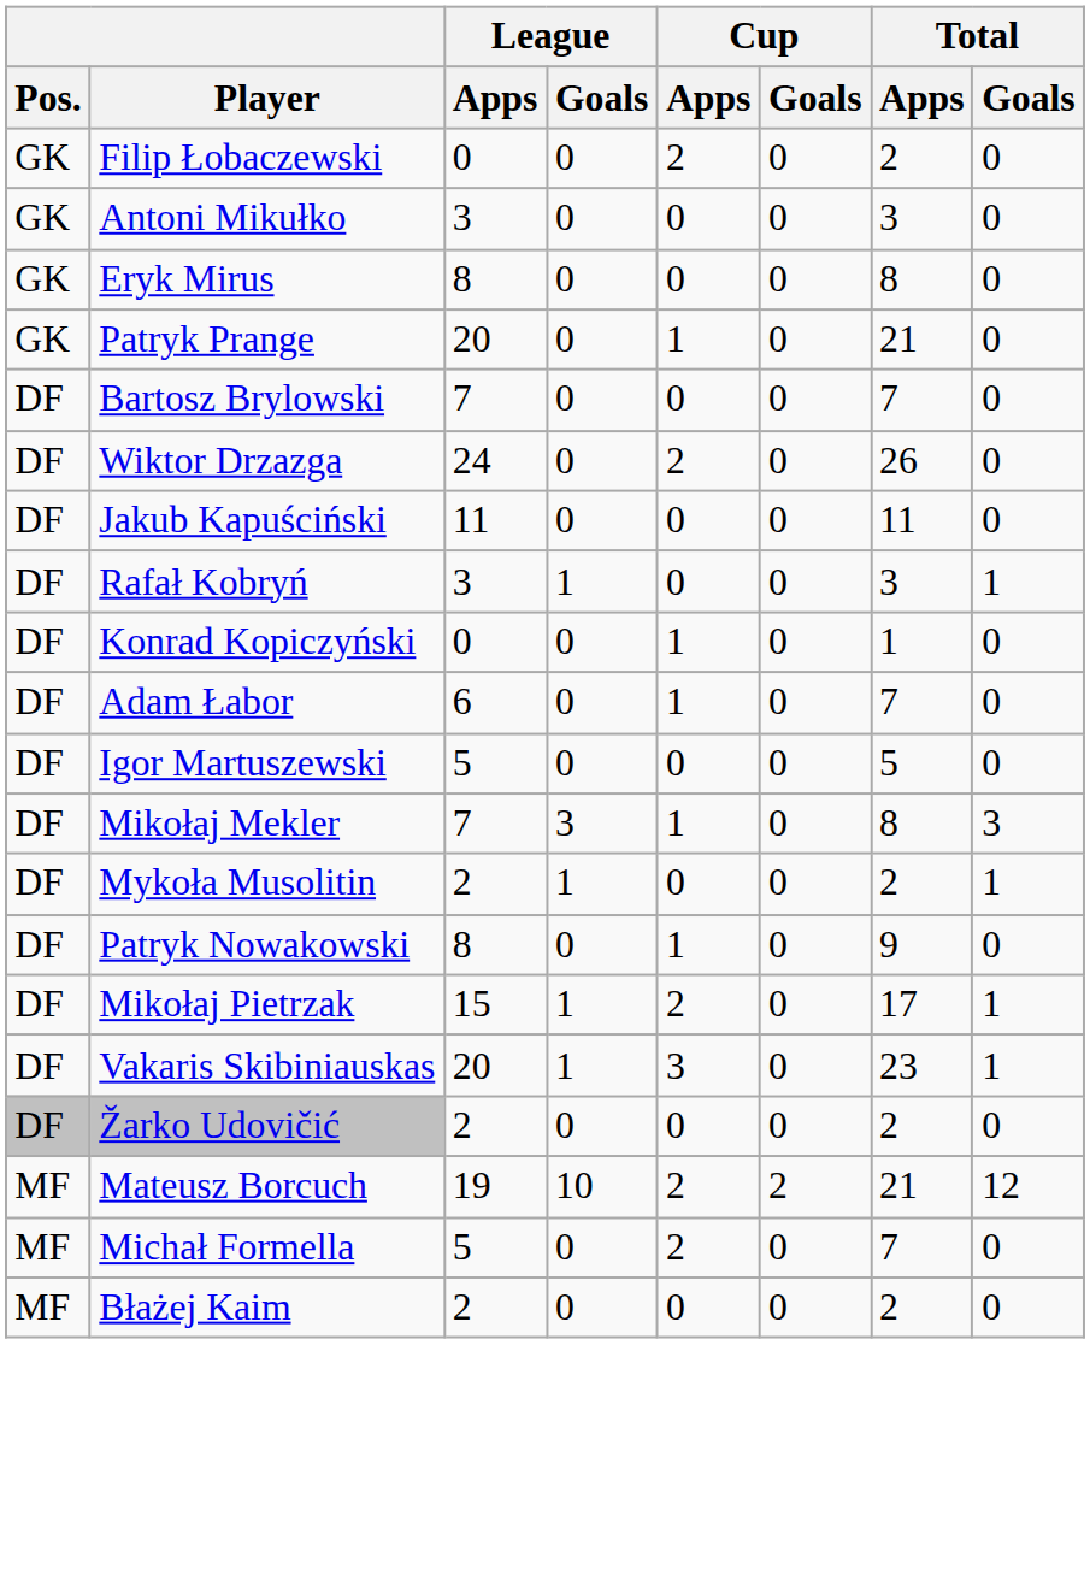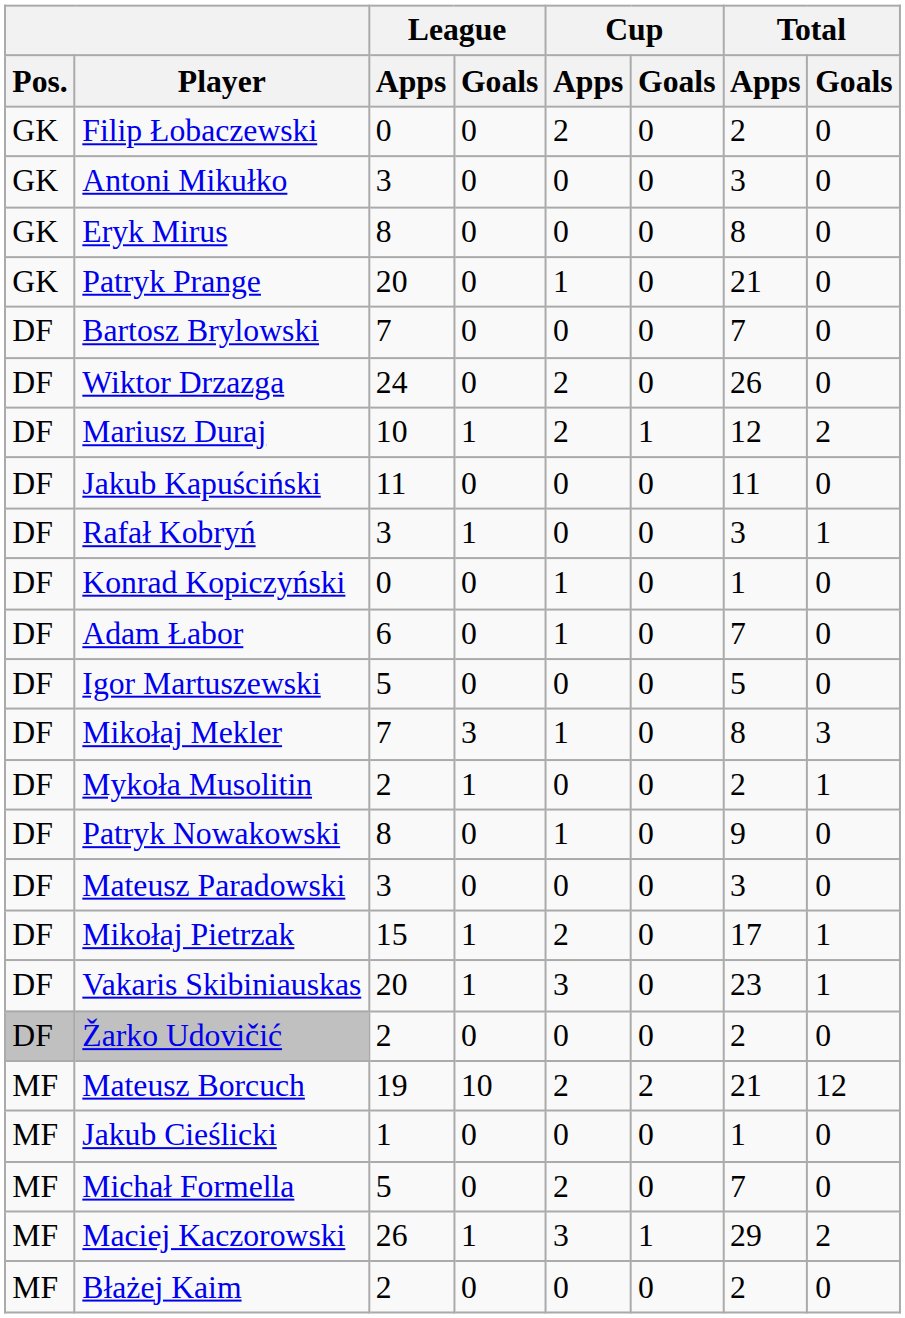 <table class="wikitable" style="display: inline-table;">
 <tr>
 <th colspan="2"></th>
 <th colspan="2">League</th>
 <th colspan="2">Cup</th>
 <th colspan="2">Total</th>
 </tr>
 <tr>
 <th>Pos.</th>
 <th>Player</th>
 <th>Apps</th>
 <th>Goals</th>
 <th>Apps</th>
 <th>Goals</th>
 <th>Apps</th>
 <th>Goals</th>
 </tr>
 <tr>
 <td>GK</td>
 <td><a href='#'>Filip Łobaczewski</a></td>
 <td>0</td>
 <td>0</td>
 <td>2</td>
 <td>0</td>
 <td>2</td>
 <td>0</td>
 </tr>
 <tr>
 <td>GK</td>
 <td><a href='#'>Antoni Mikułko</a></td>
 <td>3</td>
 <td>0</td>
 <td>0</td>
 <td>0</td>
 <td>3</td>
 <td>0</td>
 </tr>
 <tr>
 <td>GK</td>
 <td><a href='#'>Eryk Mirus</a></td>
 <td>8</td>
 <td>0</td>
 <td>0</td>
 <td>0</td>
 <td>8</td>
 <td>0</td>
 </tr>
 <tr>
 <td>GK</td>
 <td><a href='#'>Patryk Prange</a></td>
 <td>20</td>
 <td>0</td>
 <td>1</td>
 <td>0</td>
 <td>21</td>
 <td>0</td>
 </tr>
 <tr>
 <td>DF</td>
 <td><a href='#'>Bartosz Brylowski</a></td>
 <td>7</td>
 <td>0</td>
 <td>0</td>
 <td>0</td>
 <td>7</td>
 <td>0</td>
 </tr>
 <tr>
 <td>DF</td>
 <td><a href='#'>Wiktor Drzazga</a></td>
 <td>24</td>
 <td>0</td>
 <td>2</td>
 <td>0</td>
 <td>26</td>
 <td>0</td>
+</tr>
+<tr>
+<td>DF</td>
+<td><a href='#'>Mariusz Duraj</a></td>
+<td>10</td>
+<td>1</td>
+<td>2</td>
+<td>1</td>
+<td>12</td>
+<td>2</td>
 </tr>
 <tr>
 <td>DF</td>
 <td><a href='#'>Jakub Kapuściński</a></td>
 <td>11</td>
 <td>0</td>
 <td>0</td>
 <td>0</td>
 <td>11</td>
 <td>0</td>
 </tr>
 <tr>
 <td>DF</td>
 <td><a href='#'>Rafał Kobryń</a></td>
 <td>3</td>
 <td>1</td>
 <td>0</td>
 <td>0</td>
 <td>3</td>
 <td>1</td>
 </tr>
 <tr>
 <td>DF</td>
 <td><a href='#'>Konrad Kopiczyński</a></td>
 <td>0</td>
 <td>0</td>
 <td>1</td>
 <td>0</td>
 <td>1</td>
 <td>0</td>
 </tr>
 <tr>
 <td>DF</td>
 <td><a href='#'>Adam Łabor</a></td>
 <td>6</td>
 <td>0</td>
 <td>1</td>
 <td>0</td>
 <td>7</td>
 <td>0</td>
 </tr>
 <tr>
 <td>DF</td>
 <td><a href='#'>Igor Martuszewski</a></td>
 <td>5</td>
 <td>0</td>
 <td>0</td>
 <td>0</td>
 <td>5</td>
 <td>0</td>
 </tr>
 <tr>
 <td>DF</td>
 <td><a href='#'>Mikołaj Mekler</a></td>
 <td>7</td>
 <td>3</td>
 <td>1</td>
 <td>0</td>
 <td>8</td>
 <td>3</td>
 </tr>
 <tr>
 <td>DF</td>
 <td><a href='#'>Mykoła Musolitin</a></td>
 <td>2</td>
 <td>1</td>
 <td>0</td>
 <td>0</td>
 <td>2</td>
 <td>1</td>
 </tr>
 <tr>
 <td>DF</td>
 <td><a href='#'>Patryk Nowakowski</a></td>
 <td>8</td>
 <td>0</td>
 <td>1</td>
 <td>0</td>
 <td>9</td>
 <td>0</td>
 </tr>
 <tr>
 <td>DF</td>
+<td><a href='#'>Mateusz Paradowski</a></td>
+<td>3</td>
+<td>0</td>
+<td>0</td>
+<td>0</td>
+<td>3</td>
+<td>0</td>
+</tr>
+<tr>
+<td>DF</td>
 <td><a href='#'>Mikołaj Pietrzak</a></td>
 <td>15</td>
 <td>1</td>
 <td>2</td>
 <td>0</td>
 <td>17</td>
 <td>1</td>
 </tr>
 <tr>
 <td>DF</td>
 <td><a href='#'>Vakaris Skibiniauskas</a></td>
 <td>20</td>
 <td>1</td>
 <td>3</td>
 <td>0</td>
 <td>23</td>
 <td>1</td>
 </tr>
 <tr>
 <td bgcolor=silver >DF</td>
 <td bgcolor=silver ><a href='#'>Žarko Udovičić</a></td>
 <td>2</td>
 <td>0</td>
 <td>0</td>
 <td>0</td>
 <td>2</td>
 <td>0</td>
 </tr>
 <tr>
 <td>MF</td>
 <td><a href='#'>Mateusz Borcuch</a></td>
 <td>19</td>
 <td>10</td>
 <td>2</td>
 <td>2</td>
 <td>21</td>
 <td>12</td>
 </tr>
 <tr>
 <td>MF</td>
+<td><a href='#'>Jakub Cieślicki</a></td>
+<td>1</td>
+<td>0</td>
+<td>0</td>
+<td>0</td>
+<td>1</td>
+<td>0</td>
+</tr>
+<tr>
+<td>MF</td>
 <td><a href='#'>Michał Formella</a></td>
 <td>5</td>
 <td>0</td>
 <td>2</td>
 <td>0</td>
 <td>7</td>
 <td>0</td>
+</tr>
+<tr>
+<td>MF</td>
+<td><a href='#'>Maciej Kaczorowski</a></td>
+<td>26</td>
+<td>1</td>
+<td>3</td>
+<td>1</td>
+<td>29</td>
+<td>2</td>
 </tr>
 <tr>
 <td>MF</td>
 <td><a href='#'>Błażej Kaim</a></td>
 <td>2</td>
 <td>0</td>
 <td>0</td>
 <td>0</td>
 <td>2</td>
 <td>0</td>
 </tr>
 </table>
